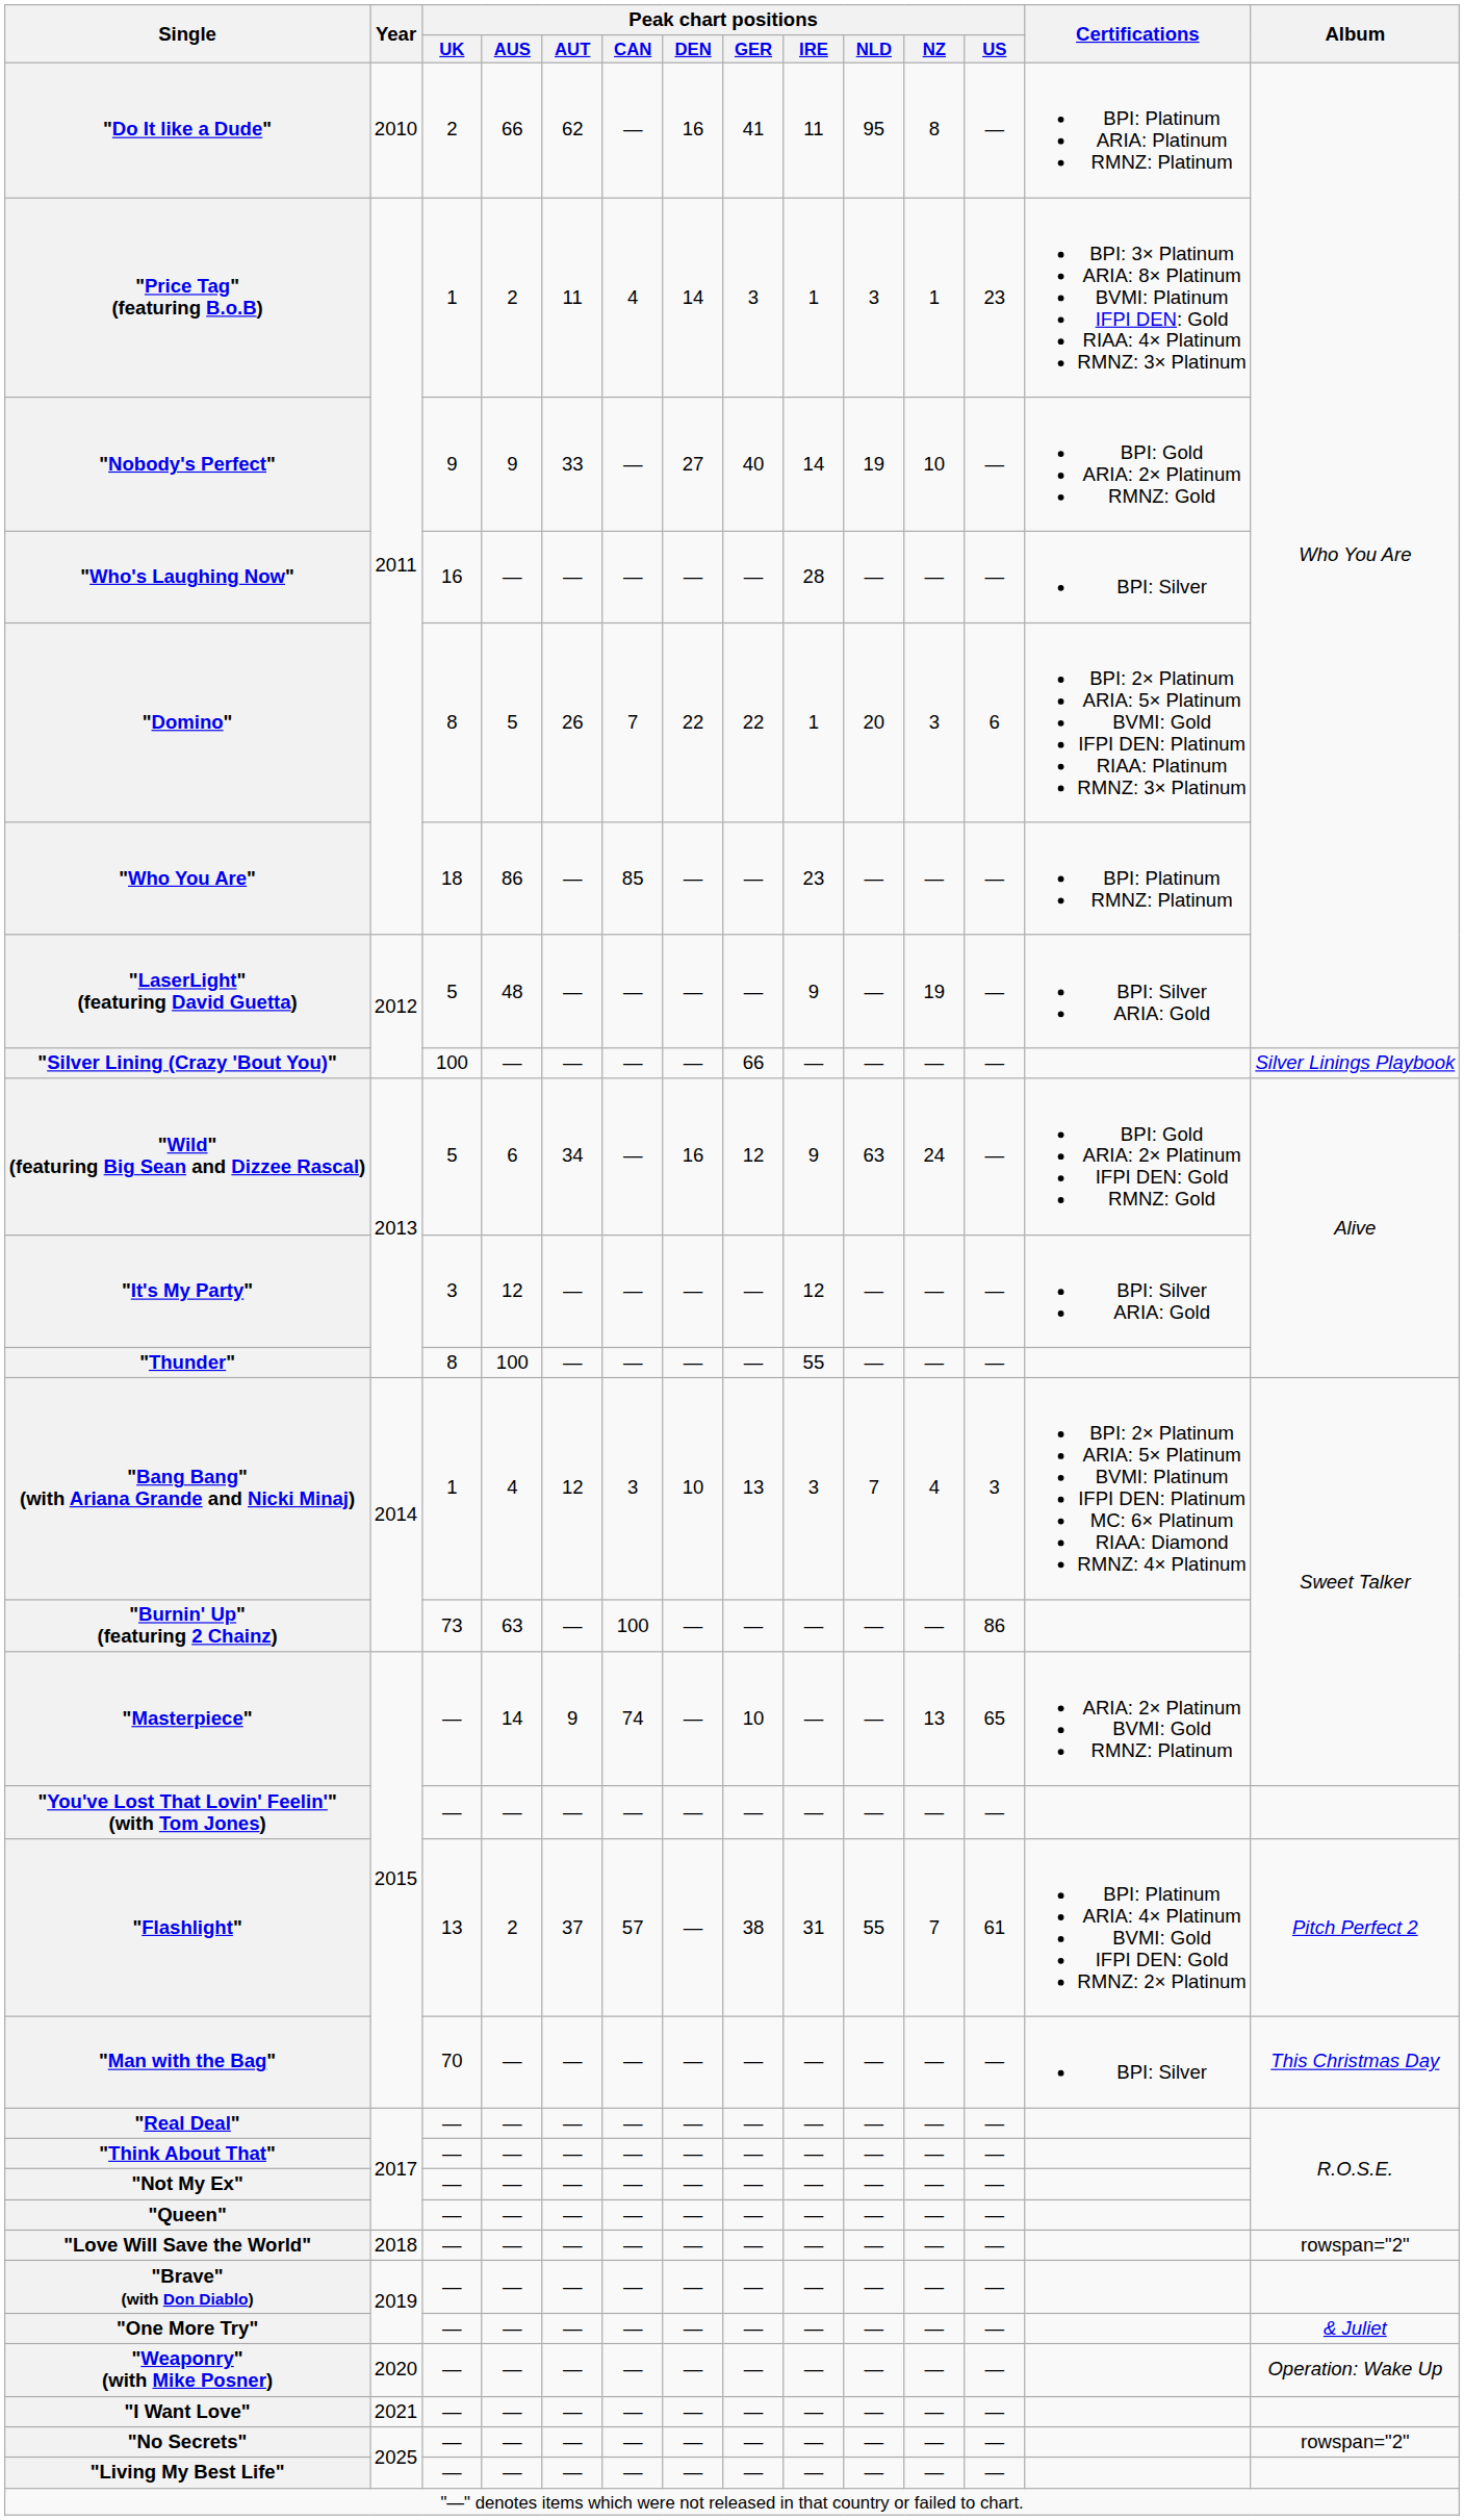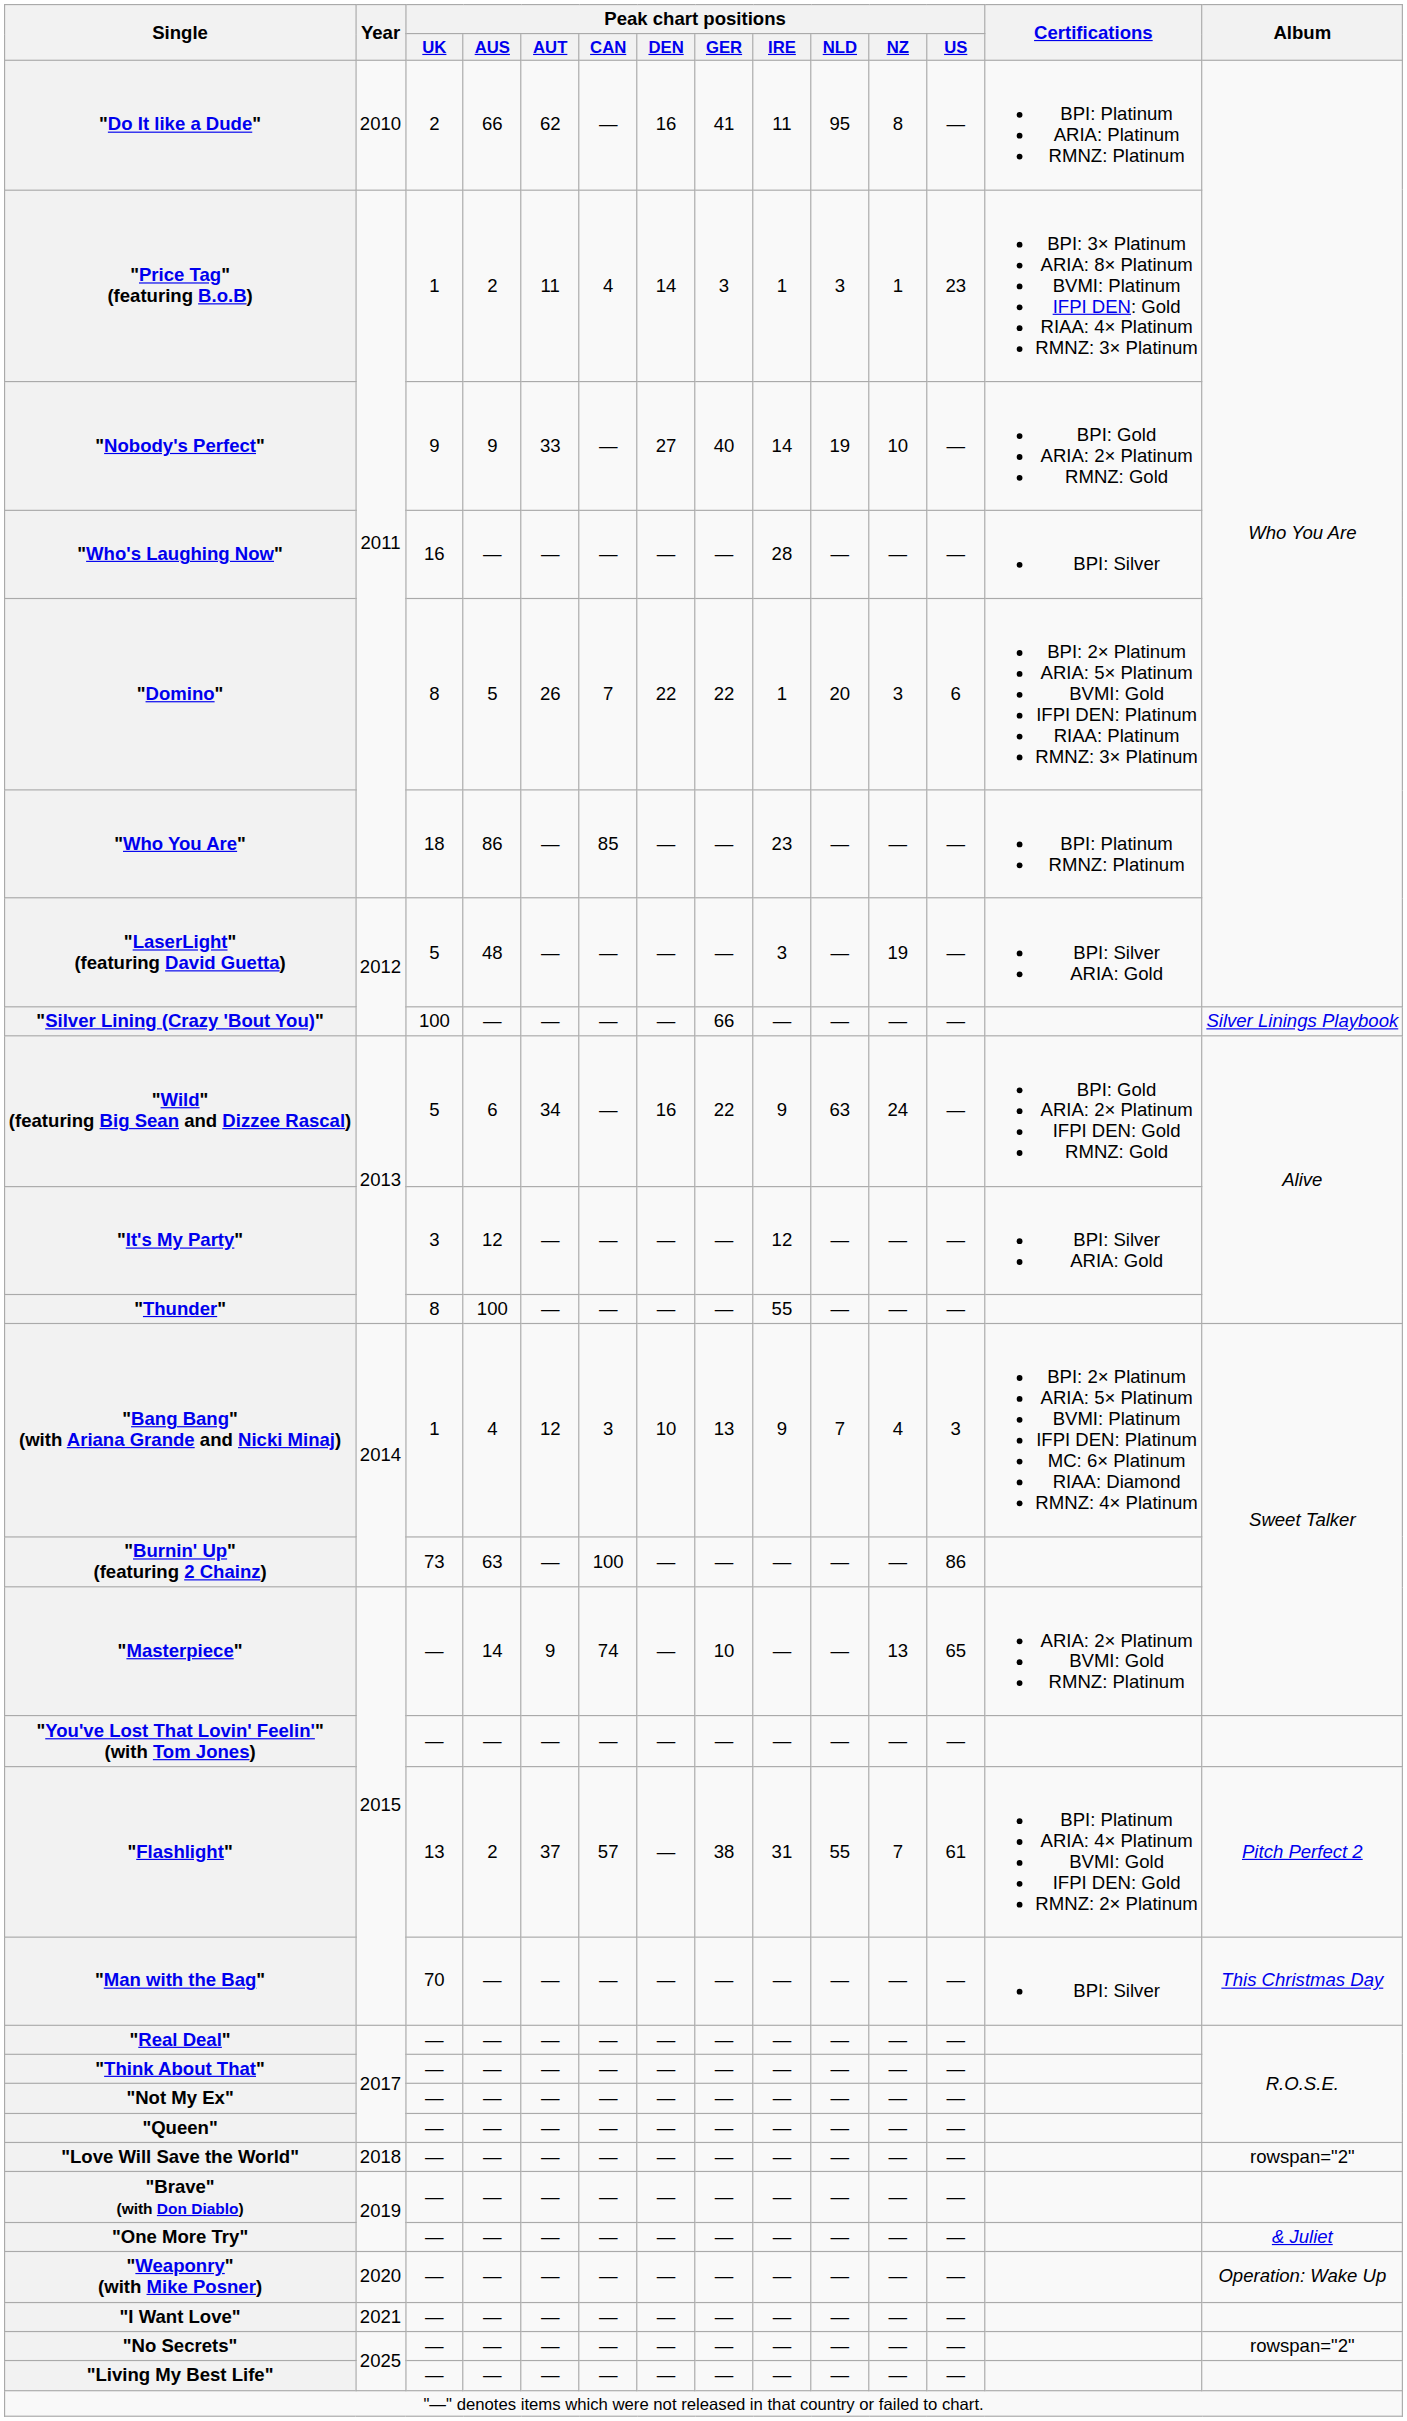 <table class="wikitable plainrowheaders" style="text-align:center">
 <tr>
 <th scope="col" rowspan="2">Single</th>
 <th scope="col" rowspan="2">Year</th>
 <th scope="col" colspan="10">Peak chart positions</th>
 <th scope="col" rowspan="2"><a href='#'>Certifications</a></th>
 <th scope="col" rowspan="2">Album</th>
 </tr>
 <tr>
 <th scope="col" style="width:3em;font-size:90%;"><a href='#'>UK</a><br></th>
 <th scope="col" style="width:3em;font-size:90%;"><a href='#'>AUS</a><br></th>
 <th scope="col" style="width:3em;font-size:90%;"><a href='#'>AUT</a><br></th>
 <th scope="col" style="width:3em;font-size:90%;"><a href='#'>CAN</a><br></th>
 <th scope="col" style="width:3em;font-size:90%;"><a href='#'>DEN</a><br></th>
 <th scope="col" style="width:3em;font-size:90%;"><a href='#'>GER</a><br></th>
 <th scope="col" style="width:3em;font-size:90%;"><a href='#'>IRE</a><br></th>
 <th scope="col" style="width:3em;font-size:90%;"><a href='#'>NLD</a><br></th>
 <th scope="col" style="width:3em;font-size:90%;"><a href='#'>NZ</a><br></th>
 <th scope="col" style="width:3em;font-size:90%;"><a href='#'>US</a><br></th>
 </tr>
 <tr>
 <th scope="row">"<a href='#'>Do It like a Dude</a>"</th>
 <td>2010</td>
 <td>2</td>
 <td>66</td>
 <td>62</td>
 <td>—</td>
 <td>16</td>
 <td>41</td>
 <td>11</td>
 <td>95</td>
 <td>8</td>
 <td>—</td>
 <td><br><ul><li>BPI: Platinum</li><li>ARIA: Platinum</li><li>RMNZ: Platinum</li></ul></td>
 <td rowspan="7"><em>Who You Are</em></td>
 </tr>
 <tr>
 <th scope="row">"<a href='#'>Price Tag</a>"<br><span>(featuring <a href='#'>B.o.B</a>)</span></th>
 <td rowspan="5">2011</td>
 <td>1</td>
 <td>2</td>
 <td>11</td>
 <td>4</td>
 <td>14</td>
 <td>3</td>
 <td>1</td>
 <td>3</td>
 <td>1</td>
 <td>23</td>
 <td><br><ul><li>BPI: 3× Platinum</li><li>ARIA: 8× Platinum</li><li>BVMI: Platinum</li><li><a href='#'>IFPI DEN</a>: Gold</li><li>RIAA: 4× Platinum</li><li>RMNZ: 3× Platinum</li></ul></td>
 </tr>
 <tr>
 <th scope="row">"<a href='#'>Nobody's Perfect</a>"</th>
 <td>9</td>
 <td>9</td>
 <td>33</td>
 <td>—</td>
 <td>27</td>
 <td>40</td>
 <td>14</td>
 <td>19</td>
 <td>10</td>
 <td>—</td>
 <td><br><ul><li>BPI: Gold</li><li>ARIA: 2× Platinum</li><li>RMNZ: Gold</li></ul></td>
 </tr>
 <tr>
 <th scope="row">"<a href='#'>Who's Laughing Now</a>"</th>
 <td>16</td>
 <td>—</td>
 <td>—</td>
 <td>—</td>
 <td>—</td>
 <td>—</td>
 <td>28</td>
 <td>—</td>
 <td>—</td>
 <td>—</td>
 <td><br><ul><li>BPI: Silver</li></ul></td>
 </tr>
 <tr>
 <th scope="row">"<a href='#'>Domino</a>"</th>
 <td>8</td>
 <td>5</td>
 <td>26</td>
 <td>7</td>
 <td>22</td>
 <td>22</td>
 <td>1</td>
 <td>20</td>
 <td>3</td>
 <td>6</td>
 <td><br><ul><li>BPI: 2× Platinum</li><li>ARIA: 5× Platinum</li><li>BVMI: Gold</li><li>IFPI DEN: Platinum</li><li>RIAA: Platinum</li><li>RMNZ: 3× Platinum</li></ul></td>
 </tr>
 <tr>
 <th scope="row">"<a href='#'>Who You Are</a>"</th>
 <td>18</td>
 <td>86</td>
 <td>—</td>
 <td>85</td>
 <td>—</td>
 <td>—</td>
 <td>23</td>
 <td>—</td>
 <td>—</td>
 <td>—</td>
 <td><br><ul><li>BPI: Platinum</li><li>RMNZ: Platinum</li></ul></td>
 </tr>
 <tr>
 <th scope="row">"<a href='#'>LaserLight</a>"<br><span>(featuring <a href='#'>David Guetta</a>)</span></th>
 <td rowspan="2">2012</td>
 <td>5</td>
 <td>48</td>
 <td>—</td>
 <td>—</td>
 <td>—</td>
 <td>—</td>
-<td>9</td>
+<td>3</td>
 <td>—</td>
 <td>19</td>
 <td>—</td>
 <td><br><ul><li>BPI: Silver</li><li>ARIA: Gold</li></ul></td>
 </tr>
 <tr>
 <th scope="row">"<a href='#'>Silver Lining (Crazy 'Bout You)</a>"</th>
 <td>100</td>
 <td>—</td>
 <td>—</td>
 <td>—</td>
 <td>—</td>
 <td>66</td>
 <td>—</td>
 <td>—</td>
 <td>—</td>
 <td>—</td>
 <td></td>
 <td><em><a href='#'>Silver Linings Playbook</a></em></td>
 </tr>
 <tr>
 <th scope="row">"<a href='#'>Wild</a>"<br><span>(featuring <a href='#'>Big Sean</a> and <a href='#'>Dizzee Rascal</a>)</span></th>
 <td rowspan="3">2013</td>
 <td>5</td>
 <td>6</td>
 <td>34</td>
 <td>—</td>
 <td>16</td>
-<td>12</td>
+<td>22</td>
 <td>9</td>
 <td>63</td>
 <td>24</td>
 <td>—</td>
 <td><br><ul><li>BPI: Gold</li><li>ARIA: 2× Platinum</li><li>IFPI DEN: Gold</li><li>RMNZ: Gold</li></ul></td>
 <td rowspan="3"><em>Alive</em></td>
 </tr>
 <tr>
 <th scope="row">"<a href='#'>It's My Party</a>"</th>
 <td>3</td>
 <td>12</td>
 <td>—</td>
 <td>—</td>
 <td>—</td>
 <td>—</td>
 <td>12</td>
 <td>—</td>
 <td>—</td>
 <td>—</td>
 <td><br><ul><li>BPI: Silver</li><li>ARIA: Gold</li></ul></td>
 </tr>
 <tr>
 <th scope="row">"<a href='#'>Thunder</a>"</th>
 <td>8</td>
 <td>100</td>
 <td>—</td>
 <td>—</td>
 <td>—</td>
 <td>—</td>
 <td>55</td>
 <td>—</td>
 <td>—</td>
 <td>—</td>
 <td></td>
 </tr>
 <tr>
 <th scope="row">"<a href='#'>Bang Bang</a>"<br><span>(with <a href='#'>Ariana Grande</a> and <a href='#'>Nicki Minaj</a>)</span></th>
 <td rowspan="2">2014</td>
 <td>1</td>
 <td>4</td>
 <td>12</td>
 <td>3</td>
 <td>10</td>
 <td>13</td>
-<td>3</td>
+<td>9</td>
 <td>7</td>
 <td>4</td>
 <td>3</td>
 <td><br><ul><li>BPI: 2× Platinum</li><li>ARIA: 5× Platinum</li><li>BVMI: Platinum</li><li>IFPI DEN: Platinum</li><li>MC: 6× Platinum</li><li>RIAA: Diamond</li><li>RMNZ: 4× Platinum</li></ul></td>
 <td rowspan="3"><em>Sweet Talker</em></td>
 </tr>
 <tr>
 <th scope="row">"<a href='#'>Burnin' Up</a>"<br><span>(featuring <a href='#'>2 Chainz</a>)</span></th>
 <td>73</td>
 <td>63</td>
 <td>—</td>
 <td>100</td>
 <td>—</td>
 <td>—</td>
 <td>—</td>
 <td>—</td>
 <td>—</td>
 <td>86</td>
 <td></td>
 </tr>
 <tr>
 <th scope="row">"<a href='#'>Masterpiece</a>"</th>
 <td rowspan="4">2015</td>
 <td>—</td>
 <td>14</td>
 <td>9</td>
 <td>74</td>
 <td>—</td>
 <td>10</td>
 <td>—</td>
 <td>—</td>
 <td>13</td>
 <td>65</td>
 <td><br><ul><li>ARIA: 2× Platinum</li><li>BVMI: Gold</li><li>RMNZ: Platinum</li></ul></td>
 </tr>
 <tr>
 <th scope="row">"<a href='#'>You've Lost That Lovin' Feelin'</a>"<br><span>(with <a href='#'>Tom Jones</a>)</span></th>
 <td>—</td>
 <td>—</td>
 <td>—</td>
 <td>—</td>
 <td>—</td>
 <td>—</td>
 <td>—</td>
 <td>—</td>
 <td>—</td>
 <td>—</td>
 <td></td>
 <td></td>
 </tr>
 <tr>
 <th scope="row">"<a href='#'>Flashlight</a>"</th>
 <td>13</td>
 <td>2</td>
 <td>37</td>
 <td>57</td>
 <td>—</td>
 <td>38</td>
 <td>31</td>
 <td>55</td>
 <td>7</td>
 <td>61</td>
 <td><br><ul><li>BPI: Platinum</li><li>ARIA: 4× Platinum</li><li>BVMI: Gold</li><li>IFPI DEN: Gold</li><li>RMNZ: 2× Platinum</li></ul></td>
 <td><em><a href='#'>Pitch Perfect 2</a></em></td>
 </tr>
 <tr>
 <th scope="row">"<a href='#'>Man with the Bag</a>"</th>
 <td>70</td>
 <td>—</td>
 <td>—</td>
 <td>—</td>
 <td>—</td>
 <td>—</td>
 <td>—</td>
 <td>—</td>
 <td>—</td>
 <td>—</td>
 <td><br><ul><li>BPI: Silver</li></ul></td>
 <td><em><a href='#'>This Christmas Day</a></em></td>
 </tr>
 <tr>
 <th scope="row">"<a href='#'>Real Deal</a>"</th>
 <td rowspan="4">2017</td>
 <td>—</td>
 <td>—</td>
 <td>—</td>
 <td>—</td>
 <td>—</td>
 <td>—</td>
 <td>—</td>
 <td>—</td>
 <td>—</td>
 <td>—</td>
 <td></td>
 <td rowspan="4"><em>R.O.S.E.</em></td>
 </tr>
 <tr>
 <th scope="row">"<a href='#'>Think About That</a>"</th>
 <td>—</td>
 <td>—</td>
 <td>—</td>
 <td>—</td>
 <td>—</td>
 <td>—</td>
 <td>—</td>
 <td>—</td>
 <td>—</td>
 <td>—</td>
 <td></td>
 </tr>
 <tr>
 <th scope="row">"Not My Ex"</th>
 <td>—</td>
 <td>—</td>
 <td>—</td>
 <td>—</td>
 <td>—</td>
 <td>—</td>
 <td>—</td>
 <td>—</td>
 <td>—</td>
 <td>—</td>
 <td></td>
 </tr>
 <tr>
 <th scope="row">"Queen"</th>
 <td>—</td>
 <td>—</td>
 <td>—</td>
 <td>—</td>
 <td>—</td>
 <td>—</td>
 <td>—</td>
 <td>—</td>
 <td>—</td>
 <td>—</td>
 <td></td>
 </tr>
 <tr>
 <th scope="row">"Love Will Save the World"</th>
 <td>2018</td>
 <td>—</td>
 <td>—</td>
 <td>—</td>
 <td>—</td>
 <td>—</td>
 <td>—</td>
 <td>—</td>
 <td>—</td>
 <td>—</td>
 <td>—</td>
 <td></td>
 <td>rowspan="2" </td>
 </tr>
 <tr>
 <th scope="row">"Brave" <br><small>(with <a href='#'>Don Diablo</a>)</small></th>
 <td rowspan="2">2019</td>
 <td>—</td>
 <td>—</td>
 <td>—</td>
 <td>—</td>
 <td>—</td>
 <td>—</td>
 <td>—</td>
 <td>—</td>
 <td>—</td>
 <td>—</td>
 <td></td>
 </tr>
 <tr>
 <th scope="row">"One More Try"</th>
 <td>—</td>
 <td>—</td>
 <td>—</td>
 <td>—</td>
 <td>—</td>
 <td>—</td>
 <td>—</td>
 <td>—</td>
 <td>—</td>
 <td>—</td>
 <td></td>
 <td><em><a href='#'>& Juliet</a></em></td>
 </tr>
 <tr>
 <th scope="row">"<a href='#'>Weaponry</a>"<br><span>(with <a href='#'>Mike Posner</a>)</span></th>
 <td>2020</td>
 <td>—</td>
 <td>—</td>
 <td>—</td>
 <td>—</td>
 <td>—</td>
 <td>—</td>
 <td>—</td>
 <td>—</td>
 <td>—</td>
 <td>—</td>
 <td></td>
 <td><em>Operation: Wake Up</em></td>
 </tr>
 <tr>
 <th scope="row">"I Want Love"</th>
 <td>2021</td>
 <td>—</td>
 <td>—</td>
 <td>—</td>
 <td>—</td>
 <td>—</td>
 <td>—</td>
 <td>—</td>
 <td>—</td>
 <td>—</td>
 <td>—</td>
 <td></td>
 <td></td>
 </tr>
 <tr>
 <th scope="row">"No Secrets"</th>
 <td rowspan="2">2025</td>
 <td>—</td>
 <td>—</td>
 <td>—</td>
 <td>—</td>
 <td>—</td>
 <td>—</td>
 <td>—</td>
 <td>—</td>
 <td>—</td>
 <td>—</td>
 <td></td>
 <td>rowspan="2" </td>
 </tr>
 <tr>
 <th scope="row">"Living My Best Life"</th>
 <td>—</td>
 <td>—</td>
 <td>—</td>
 <td>—</td>
 <td>—</td>
 <td>—</td>
 <td>—</td>
 <td>—</td>
 <td>—</td>
 <td>—</td>
 <td></td>
 </tr>
 <tr>
 <td colspan="15" style="font-size:90%">"—" denotes items which were not released in that country or failed to chart.</td>
 </tr>
 </table>
